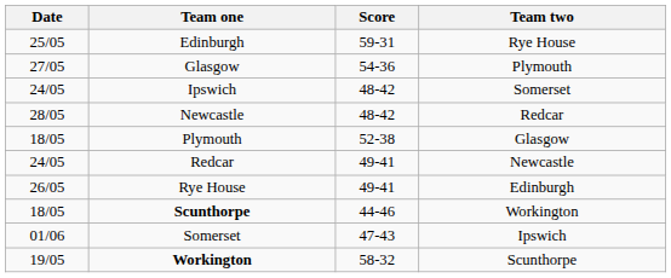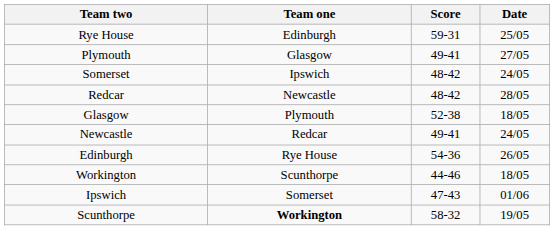 <table class="wikitable" style="text-align: center">
 <tr>
-<th width=80>Date</th>
+<th width=250>Team two</th>
 <th width=250>Team one</th>
 <th width=80>Score</th>
-<th width=250>Team two</th>
+<th width=80>Date</th>
 </tr>
 <tr>
-<td>25/05</td>
+<td>Rye House</td>
 <td>Edinburgh</td>
 <td>59-31</td>
-<td>Rye House</td>
+<td>25/05</td>
 </tr>
 <tr>
+<td>Plymouth</td>
+<td>Glasgow</td>
+<td>49-41</td>
 <td>27/05</td>
-<td>Glasgow</td>
-<td>54-36</td>
-<td>Plymouth</td>
 </tr>
 <tr>
-<td>24/05</td>
+<td>Somerset</td>
 <td>Ipswich</td>
 <td>48-42</td>
-<td>Somerset</td>
+<td>24/05</td>
 </tr>
 <tr>
-<td>28/05</td>
+<td>Redcar</td>
 <td>Newcastle</td>
 <td>48-42</td>
-<td>Redcar</td>
+<td>28/05</td>
 </tr>
 <tr>
-<td>18/05</td>
+<td>Glasgow</td>
 <td>Plymouth</td>
 <td>52-38</td>
-<td>Glasgow</td>
+<td>18/05</td>
 </tr>
 <tr>
-<td>24/05</td>
+<td>Newcastle</td>
 <td>Redcar</td>
 <td>49-41</td>
-<td>Newcastle</td>
+<td>24/05</td>
 </tr>
 <tr>
+<td>Edinburgh</td>
+<td>Rye House</td>
+<td>54-36</td>
 <td>26/05</td>
-<td>Rye House</td>
-<td>49-41</td>
-<td>Edinburgh</td>
 </tr>
 <tr>
+<td>Workington</td>
+<td>Scunthorpe</td>
+<td>44-46</td>
 <td>18/05</td>
-<td><strong>Scunthorpe</strong></td>
-<td>44-46</td>
-<td>Workington</td>
 </tr>
 <tr>
-<td>01/06</td>
+<td>Ipswich</td>
 <td>Somerset</td>
 <td>47-43</td>
-<td>Ipswich</td>
+<td>01/06</td>
 </tr>
 <tr>
-<td>19/05</td>
+<td>Scunthorpe</td>
 <td><strong>Workington</strong></td>
 <td>58-32</td>
-<td>Scunthorpe</td>
+<td>19/05</td>
 </tr>
 </table>
